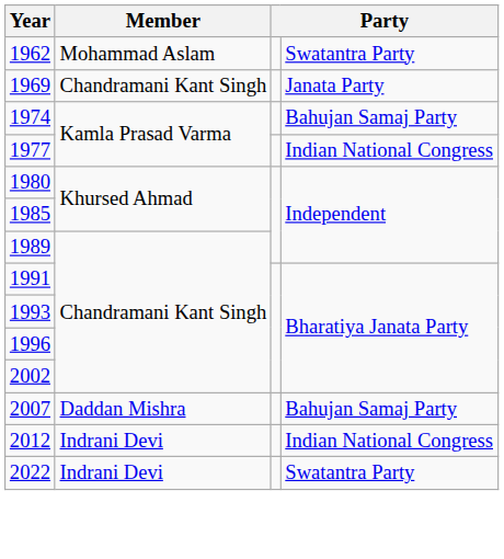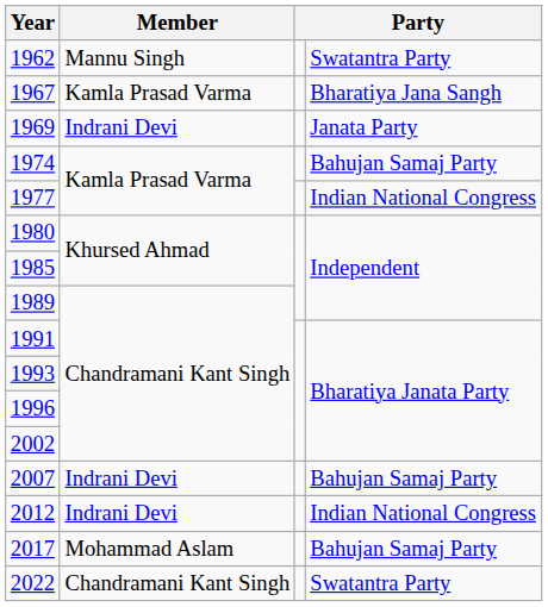 <table class="wikitable">
 <tr>
 <th>Year</th>
 <th>Member</th>
 <th colspan="2">Party</th>
 </tr>
 <tr>
 <td><a href='#'>1962</a></td>
-<td>Mohammad Aslam</td>
+<td>Mannu Singh</td>
 <td style="background-color: "></td>
 <td><a href='#'>Swatantra Party</a></td>
 </tr>
 <tr>
+<td><a href='#'>1967</a></td>
+<td>Kamla Prasad Varma</td>
+<td style="background-color: "></td>
+<td><a href='#'>Bharatiya Jana Sangh</a></td>
+</tr>
+<tr>
 <td><a href='#'>1969</a></td>
-<td>Chandramani Kant Singh</td>
+<td><a href='#'>Indrani Devi</a></td>
 <td style="background-color: "></td>
 <td><a href='#'>Janata Party</a></td>
 </tr>
 <tr>
 <td><a href='#'>1974</a></td>
 <td rowspan="2">Kamla Prasad Varma</td>
 <td style="background-color: "></td>
 <td><a href='#'>Bahujan Samaj Party</a></td>
 </tr>
 <tr>
 <td><a href='#'>1977</a></td>
 <td style="background-color: "></td>
 <td><a href='#'>Indian National Congress</a></td>
 </tr>
 <tr>
 <td><a href='#'>1980</a></td>
 <td rowspan="2">Khursed Ahmad</td>
 <td rowspan="3" style="background-color: "></td>
 <td rowspan="3"><a href='#'>Independent</a></td>
 </tr>
 <tr>
 <td><a href='#'>1985</a></td>
 </tr>
 <tr>
 <td><a href='#'>1989</a></td>
 <td rowspan="5">Chandramani Kant Singh</td>
 </tr>
 <tr>
 <td><a href='#'>1991</a></td>
 <td rowspan="4" style="background-color: "></td>
 <td rowspan="4"><a href='#'>Bharatiya Janata Party</a></td>
 </tr>
 <tr>
 <td><a href='#'>1993</a></td>
 </tr>
 <tr>
 <td><a href='#'>1996</a></td>
 </tr>
 <tr>
 <td><a href='#'>2002</a></td>
 </tr>
 <tr>
 <td><a href='#'>2007</a></td>
-<td><a href='#'>Daddan Mishra</a></td>
+<td><a href='#'>Indrani Devi</a></td>
 <td style="background-color: "></td>
 <td><a href='#'>Bahujan Samaj Party</a></td>
 </tr>
 <tr>
 <td><a href='#'>2012</a></td>
 <td><a href='#'>Indrani Devi</a></td>
 <td style="background-color: "></td>
 <td><a href='#'>Indian National Congress</a></td>
 </tr>
 <tr>
+<td><a href='#'>2017</a></td>
+<td>Mohammad Aslam</td>
+<td style="background-color: "></td>
+<td><a href='#'>Bahujan Samaj Party</a></td>
+</tr>
+<tr>
 <td><a href='#'>2022</a></td>
-<td><a href='#'>Indrani Devi</a></td>
+<td>Chandramani Kant Singh</td>
 <td style="background-color: "></td>
 <td><a href='#'>Swatantra Party</a></td>
 </tr>
 </table>
